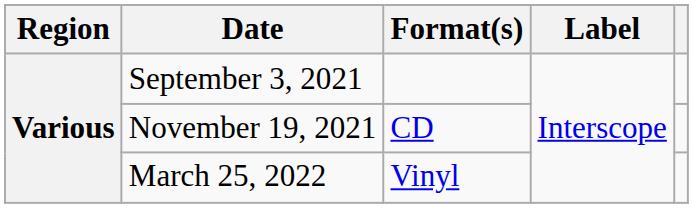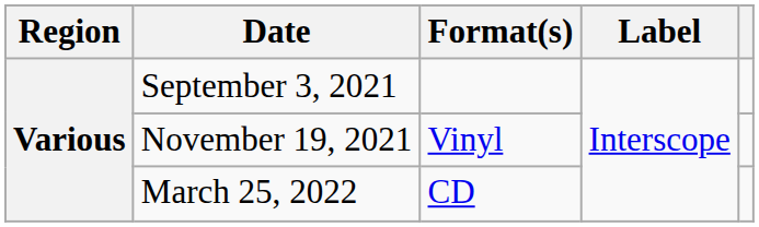 <table class="wikitable plainrowheaders">
 <tr>
 <th scope="col">Region</th>
 <th scope="col">Date</th>
 <th scope="col">Format(s)</th>
 <th scope="col">Label</th>
 <th scope="col"></th>
 </tr>
 <tr>
 <th scope="row" rowspan="3">Various</th>
 <td>September 3, 2021</td>
 <td></td>
 <td rowspan="3"><a href='#'>Interscope</a></td>
 <td style="text-align:center;"></td>
 </tr>
 <tr>
 <td>November 19, 2021</td>
-<td><a href='#'>CD</a></td>
+<td><a href='#'>Vinyl</a></td>
 <td style="text-align:center;"></td>
 </tr>
 <tr>
 <td>March 25, 2022</td>
-<td><a href='#'>Vinyl</a></td>
+<td><a href='#'>CD</a></td>
 <td style="text-align:center;"></td>
 </tr>
 </table>
